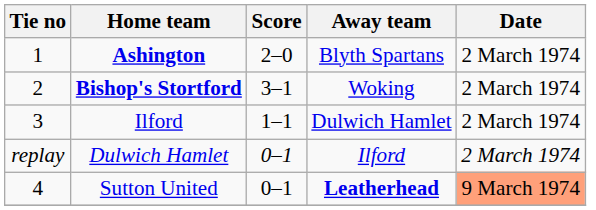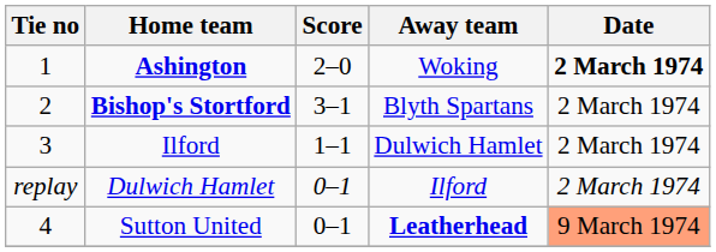 <table class="wikitable" style="text-align: center">
 <tr>
 <th>Tie no</th>
 <th>Home team</th>
 <th>Score</th>
 <th>Away team</th>
 <th>Date</th>
 </tr>
 <tr>
 <td>1</td>
 <td><strong><a href='#'>Ashington</a></strong></td>
 <td>2–0</td>
-<td><a href='#'>Blyth Spartans</a></td>
-<td>2 March 1974</td>
+<td><a href='#'>Woking</a></td>
+<td><strong>2 March 1974</strong></td>
 </tr>
 <tr>
 <td>2</td>
 <td><strong><a href='#'>Bishop's Stortford</a></strong></td>
 <td>3–1</td>
-<td><a href='#'>Woking</a></td>
+<td><a href='#'>Blyth Spartans</a></td>
 <td>2 March 1974</td>
 </tr>
 <tr>
 <td>3</td>
 <td><a href='#'>Ilford</a></td>
 <td>1–1</td>
 <td><a href='#'>Dulwich Hamlet</a></td>
 <td>2 March 1974</td>
 </tr>
 <tr>
 <td><em>replay</em></td>
 <td><em><a href='#'>Dulwich Hamlet</a></em></td>
 <td><em>0–1</em></td>
 <td><em><a href='#'>Ilford</a></em></td>
 <td><em>2 March 1974</em></td>
 </tr>
 <tr>
 <td>4</td>
 <td><a href='#'>Sutton United</a></td>
 <td>0–1</td>
 <td><strong><a href='#'>Leatherhead</a></strong></td>
 <td style="background: lightsalmon;">9 March 1974</td>
 </tr>
 <tr>
 </tr>
 </table>
